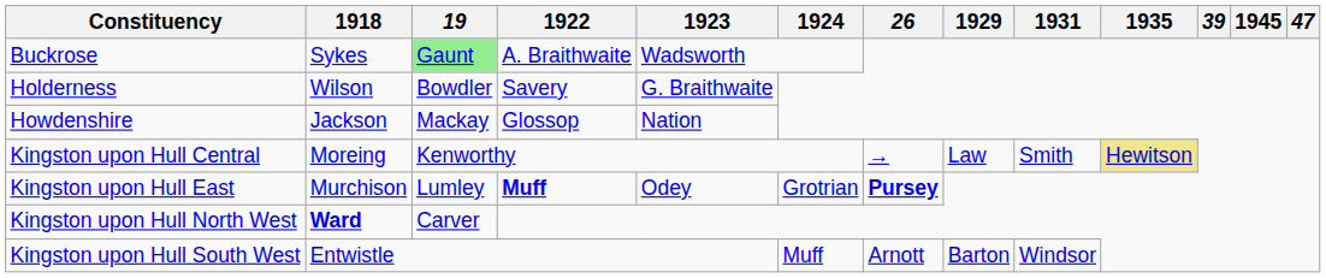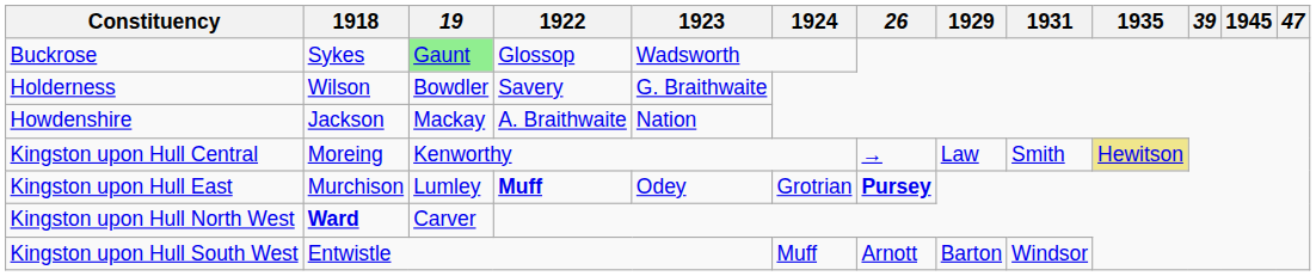 <table class="wikitable">
 <tr>
 <th>Constituency</th>
 <th>1918</th>
 <th><em>19</em></th>
 <th>1922</th>
 <th>1923</th>
 <th>1924</th>
 <th><em>26</em></th>
 <th>1929</th>
 <th>1931</th>
 <th>1935</th>
 <th><em>39</em></th>
 <th>1945</th>
 <th><em>47</em></th>
 </tr>
 <tr>
 <td><a href='#'>Buckrose</a></td>
 <td><a href='#'>Sykes</a></td>
 <td style="background: lightgreen;"><a href='#'>Gaunt</a></td>
-<td><a href='#'>A. Braithwaite</a></td>
+<td><a href='#'>Glossop</a></td>
 <td colspan="2"><a href='#'>Wadsworth</a></td>
 </tr>
 <tr>
 <td><a href='#'>Holderness</a></td>
 <td><a href='#'>Wilson</a></td>
 <td bgcolor=><a href='#'>Bowdler</a></td>
 <td><a href='#'>Savery</a></td>
 <td><a href='#'>G. Braithwaite</a></td>
 </tr>
 <tr>
 <td><a href='#'>Howdenshire</a></td>
 <td><a href='#'>Jackson</a></td>
 <td><a href='#'>Mackay</a></td>
-<td><a href='#'>Glossop</a></td>
+<td><a href='#'>A. Braithwaite</a></td>
 <td><a href='#'>Nation</a></td>
 </tr>
 <tr>
 <td><a href='#'>Kingston upon Hull Central</a></td>
 <td><a href='#'>Moreing</a></td>
 <td colspan="4" bgcolor=><a href='#'>Kenworthy</a></td>
 <td><a href='#'>→</a></td>
 <td><a href='#'>Law</a></td>
 <td><a href='#'>Smith</a></td>
 <td style="background: khaki;"><a href='#'>Hewitson</a></td>
 </tr>
 <tr>
 <td><a href='#'>Kingston upon Hull East</a></td>
 <td><a href='#'>Murchison</a></td>
 <td><a href='#'>Lumley</a></td>
 <td><strong><a href='#'>Muff</a></strong></td>
 <td><a href='#'>Odey</a></td>
 <td><a href='#'>Grotrian</a></td>
 <td><strong><a href='#'>Pursey</a></strong></td>
 </tr>
 <tr>
 <td><a href='#'>Kingston upon Hull North West</a></td>
 <td><strong><a href='#'>Ward</a></strong></td>
 <td><a href='#'>Carver</a></td>
 </tr>
 <tr>
 <td><a href='#'>Kingston upon Hull South West</a></td>
 <td colspan="4"><a href='#'>Entwistle</a></td>
 <td><a href='#'>Muff</a></td>
 <td><a href='#'>Arnott</a></td>
 <td><a href='#'>Barton</a></td>
 <td><a href='#'>Windsor</a></td>
 </tr>
 </table>
